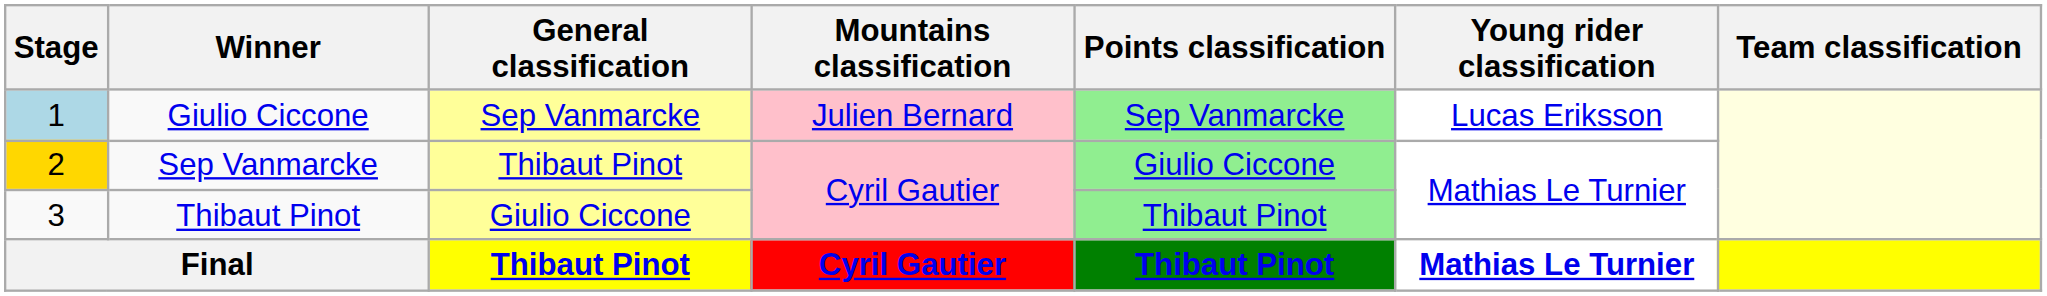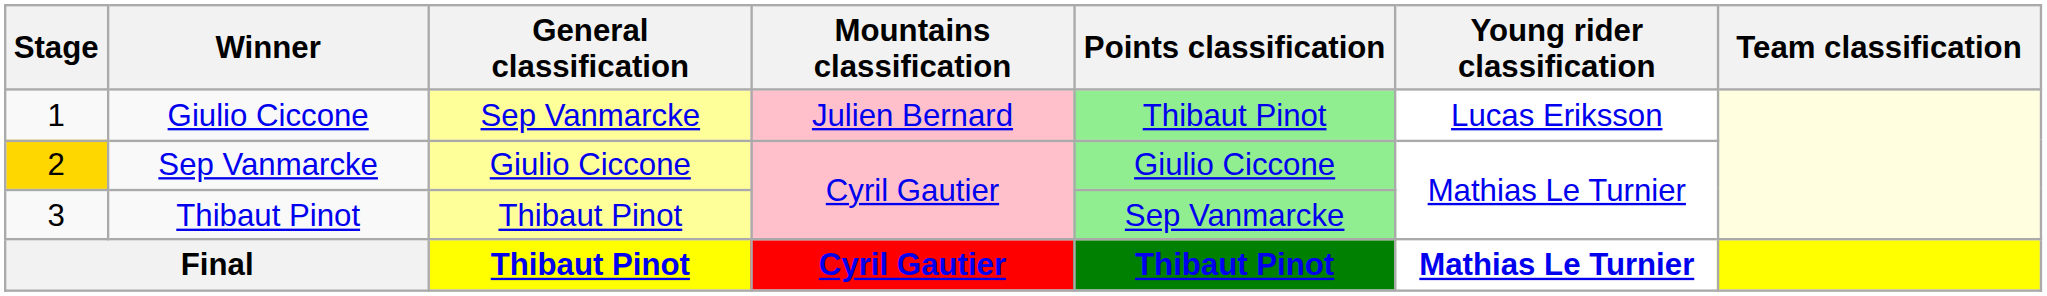 <table class="wikitable" style="text-align: center; font-size:smaller;">
 <tr style="background:#efefef;">
 <th style="width:2%;">Stage</th>
 <th style="width:15%">Winner</th>
 <th style="width:15%">General classification<br></th>
 <th style="width:15%">Mountains classification<br></th>
 <th style="width:15%">Points classification<br></th>
 <th style="width:15%">Young rider classification<br></th>
 <th style="width:15%">Team classification</th>
 </tr>
 <tr>
-<td style="background: lightblue;">1</td>
+<td>1</td>
 <td><a href='#'>Giulio Ciccone</a></td>
 <td style="background:#FFFF99;"><a href='#'>Sep Vanmarcke</a></td>
 <td style="background:pink;"><a href='#'>Julien Bernard</a></td>
-<td style="background:lightgreen;"><a href='#'>Sep Vanmarcke</a></td>
+<td style="background:lightgreen;"><a href='#'>Thibaut Pinot</a></td>
 <td style="background:white;"><a href='#'>Lucas Eriksson</a></td>
 <td style="background:lightyellow;" rowspan=3></td>
 </tr>
 <tr>
 <td style="background: gold;">2</td>
 <td><a href='#'>Sep Vanmarcke</a></td>
-<td style="background:#FFFF99;"><a href='#'>Thibaut Pinot</a></td>
+<td style="background:#FFFF99;"><a href='#'>Giulio Ciccone</a></td>
 <td style="background:pink;" rowspan=2><a href='#'>Cyril Gautier</a></td>
 <td style="background:lightgreen;"><a href='#'>Giulio Ciccone</a></td>
 <td style="background:white;" rowspan=2><a href='#'>Mathias Le Turnier</a></td>
 </tr>
 <tr>
 <td>3</td>
 <td><a href='#'>Thibaut Pinot</a></td>
-<td style="background:#FFFF99;"><a href='#'>Giulio Ciccone</a></td>
-<td style="background:lightgreen;"><a href='#'>Thibaut Pinot</a></td>
+<td style="background:#FFFF99;"><a href='#'>Thibaut Pinot</a></td>
+<td style="background:lightgreen;"><a href='#'>Sep Vanmarcke</a></td>
 </tr>
 <tr>
 <th scope=row colspan=2>Final</th>
 <th style="background:yellow;"><a href='#'>Thibaut Pinot</a></th>
 <th style="background:red;"><a href='#'>Cyril Gautier</a></th>
 <th style="background:green;"><a href='#'>Thibaut Pinot</a></th>
 <th style="background:white;"><a href='#'>Mathias Le Turnier</a></th>
 <th style="background:yellow;"></th>
 </tr>
 </table>
